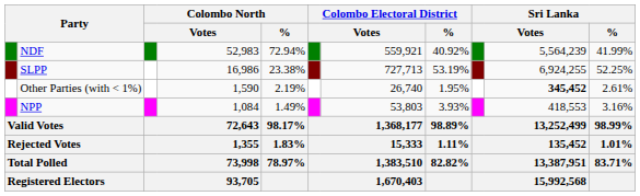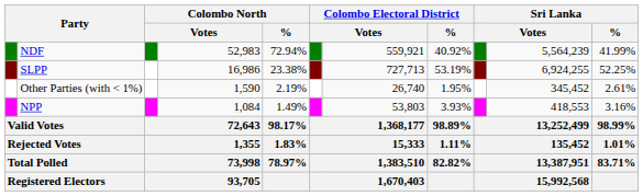 <table class="wikitable">
 <tr>
 <th colspan="2" width="144px"rowspan="2">Party</th>
 <th colspan="3" width="216px">Colombo North</th>
 <th colspan="3" width="216px"><a href='#'>Colombo Electoral District</a></th>
 <th colspan="3" width="216px">Sri Lanka</th>
 </tr>
 <tr>
 <th colspan="2" width="144px">Votes</th>
 <th>%</th>
 <th colspan="2" width="144px">Votes</th>
 <th>%</th>
 <th colspan="2" width="144px">Votes</th>
 <th>%</th>
 </tr>
 <tr>
 <td style="background-color:green;" width="10px"></td>
 <td style="text-align:left;"><a href='#'>NDF</a></td>
 <td style="background-color:green;" width="10px"></td>
 <td style="text-align:right;">52,983</td>
 <td style="text-align:right;">72.94%</td>
 <td style="background-color:green;" width="10px"></td>
 <td style="text-align:right;">559,921</td>
 <td style="text-align:right;">40.92%</td>
 <td style="background-color:green;" width="10px"></td>
 <td style="text-align:right;">5,564,239</td>
 <td style="text-align:right;">41.99%</td>
 </tr>
 <tr>
 <td style="background-color:maroon;" width="10px"></td>
 <td style="text-align:left;"><a href='#'>SLPP</a></td>
 <td style="background-color:white;" width="10px"></td>
 <td style="text-align:right;">16,986</td>
 <td style="text-align:right;">23.38%</td>
 <td style="background-color:maroon;" width="10px"></td>
 <td style="text-align:right;">727,713</td>
 <td style="text-align:right;">53.19%</td>
 <td style="background-color:maroon;" width="10px"></td>
 <td style="text-align:right;">6,924,255</td>
 <td style="text-align:right;">52.25%</td>
 </tr>
 <tr>
 <td style="background-color:white;" width="10px"></td>
 <td style="text-align:left;">Other Parties (with < 1%)</td>
 <td style="background-color:white;" width="10px"></td>
 <td style="text-align:right;">1,590</td>
 <td style="text-align:right;">2.19%</td>
 <td style="background-color:white;" width="10px"></td>
 <td style="text-align:right;">26,740</td>
 <td style="text-align:right;">1.95%</td>
 <td style="background-color:white;" width="10px"></td>
-<td style="text-align:right;"><strong>345,452</strong></td>
+<td style="text-align:right;">345,452</td>
 <td style="text-align:right;">2.61%</td>
 </tr>
 <tr>
 <td style="background-color:magenta;" width="10px"></td>
 <td style="text-align:left;"><a href='#'>NPP</a></td>
 <td style="background-color:magenta;" width="10px"></td>
 <td style="text-align:right;">1,084</td>
 <td style="text-align:right;">1.49%</td>
 <td style="background-color:magenta;" width="10px"></td>
 <td style="text-align:right;">53,803</td>
 <td style="text-align:right;">3.93%</td>
 <td style="background-color:magenta;" width="10px"></td>
 <td style="text-align:right;">418,553</td>
 <td style="text-align:right;">3.16%</td>
 </tr>
 <tr>
 <th colspan="2" width="144px"style="text-align:left;">Valid Votes</th>
 <th style="text-align:right;"colspan="2" width="144px">72,643</th>
 <th style="text-align:right;">98.17%</th>
 <th style="text-align:right;"colspan="2" width="144px">1,368,177</th>
 <th style="text-align:right;">98.89%</th>
 <th style="text-align:right;"colspan="2" width="144px">13,252,499</th>
 <th style="text-align:right;">98.99%</th>
 </tr>
 <tr>
 <th colspan="2" width="144px"style="text-align:left;">Rejected Votes</th>
 <th style="text-align:right;"colspan="2" width="144px">1,355</th>
 <th style="text-align:right;">1.83%</th>
 <th style="text-align:right;"colspan="2" width="144px">15,333</th>
 <th style="text-align:right;">1.11%</th>
 <th style="text-align:right;"colspan="2" width="144px">135,452</th>
 <th style="text-align:right;">1.01%</th>
 </tr>
 <tr>
 <th colspan="2" width="144px"style="text-align:left;">Total Polled</th>
 <th style="text-align:right;"colspan="2" width="144px">73,998</th>
 <th style="text-align:right;">78.97%</th>
 <th style="text-align:right;"colspan="2" width="144px">1,383,510</th>
 <th style="text-align:right;">82.82%</th>
 <th style="text-align:right;"colspan="2" width="144px">13,387,951</th>
 <th style="text-align:right;">83.71%</th>
 </tr>
 <tr>
 <th colspan="2" width="144px"style="text-align:left;">Registered Electors</th>
 <th style="text-align:right;"colspan="2" width="144px">93,705</th>
 <th></th>
 <th style="text-align:right;"colspan="2" width="144px">1,670,403</th>
 <th></th>
 <th style="text-align:right;"colspan="2" width="144px">15,992,568</th>
 <th></th>
 </tr>
 </table>
